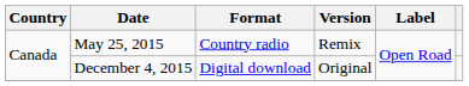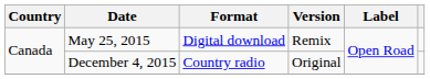 <table class="wikitable">
 <tr>
 <th>Country</th>
 <th>Date</th>
 <th>Format</th>
 <th>Version</th>
 <th>Label</th>
 <th></th>
 </tr>
 <tr>
 <td rowspan="2">Canada</td>
 <td>May 25, 2015</td>
-<td><a href='#'>Country radio</a></td>
+<td><a href='#'>Digital download</a></td>
 <td>Remix</td>
 <td rowspan="2"><a href='#'>Open Road</a></td>
 <td></td>
 </tr>
 <tr>
 <td>December 4, 2015</td>
-<td><a href='#'>Digital download</a></td>
+<td><a href='#'>Country radio</a></td>
 <td>Original</td>
 <td></td>
 </tr>
 <tr>
 </tr>
 </table>
